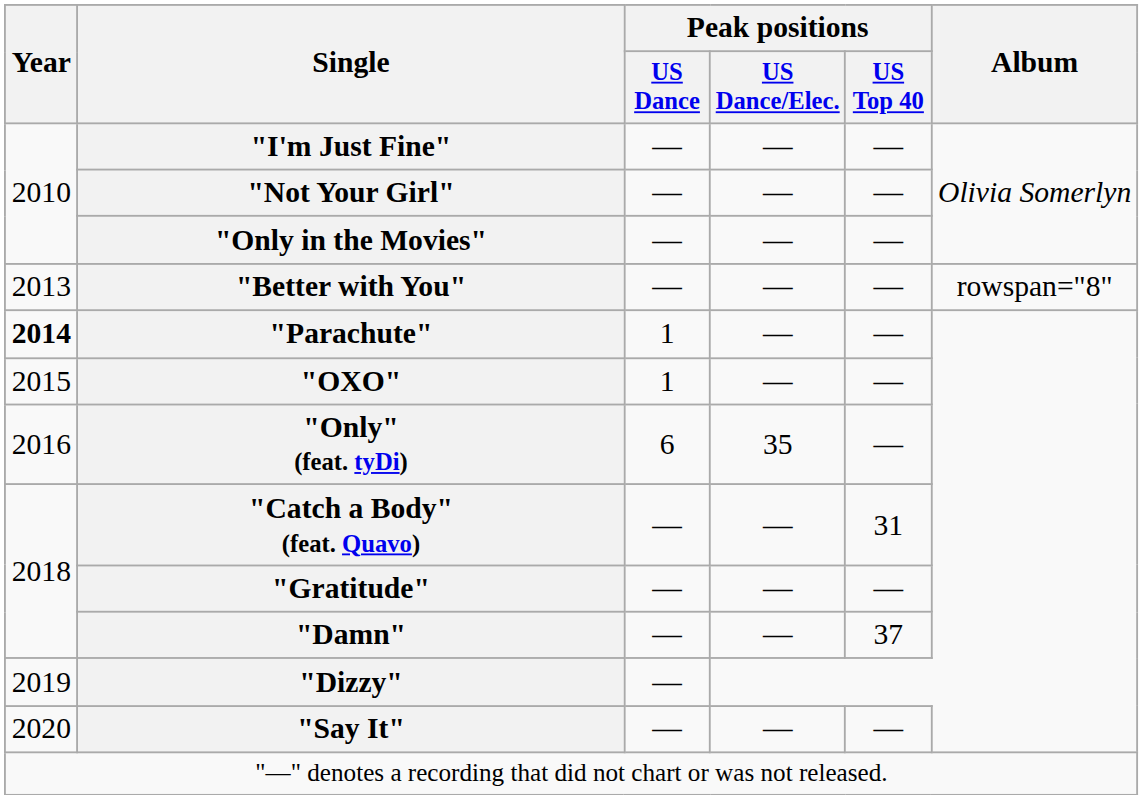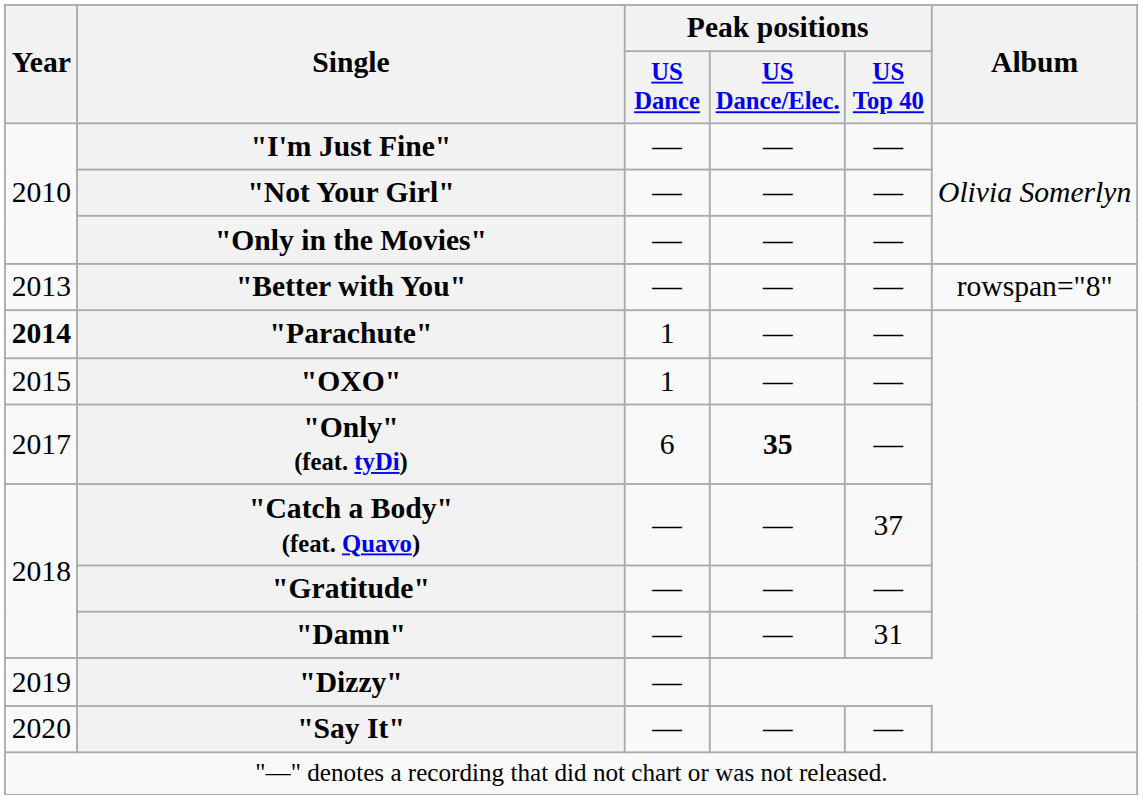 <table class="wikitable plainrowheaders" style="text-align:center;">
 <tr>
 <th rowspan="2">Year</th>
 <th rowspan="2" style="width:18em;">Single</th>
 <th colspan="3">Peak positions</th>
 <th rowspan="2">Album</th>
 </tr>
 <tr style="font-size:smaller;">
 <th width="40"><a href='#'>US <br>Dance</a></th>
 <th width="40"><a href='#'>US <br>Dance/Elec.</a></th>
 <th width="40"><a href='#'>US <br>Top 40</a></th>
 </tr>
 <tr>
 <td rowspan="3">2010</td>
 <th scope="row">"I'm Just Fine"</th>
 <td>—</td>
 <td>—</td>
 <td>—</td>
 <td rowspan="3"><em>Olivia Somerlyn</em></td>
 </tr>
 <tr>
 <th scope="row">"Not Your Girl"</th>
 <td>—</td>
 <td>—</td>
 <td>—</td>
 </tr>
 <tr>
 <th scope="row">"Only in the Movies"</th>
 <td>—</td>
 <td>—</td>
 <td>—</td>
 </tr>
 <tr>
 <td rowspan="1">2013</td>
 <th scope="row">"Better with You"</th>
 <td>—</td>
 <td>—</td>
 <td>—</td>
 <td>rowspan="8" </td>
 </tr>
 <tr>
 <td rowspan="1"><strong>2014</strong></td>
 <th scope="row">"Parachute"</th>
 <td>1</td>
 <td>—</td>
 <td>—</td>
 </tr>
 <tr>
 <td rowspan="1">2015</td>
 <th scope="row">"OXO"</th>
 <td>1</td>
 <td>—</td>
 <td>—</td>
 </tr>
 <tr>
-<td rowspan="1">2016</td>
+<td rowspan="1">2017</td>
 <th scope="row">"Only" <br><small>(feat. <a href='#'>tyDi</a>)</small></th>
 <td>6</td>
-<td>35</td>
+<td><strong>35</strong></td>
 <td>—</td>
 </tr>
 <tr>
 <td rowspan="3">2018</td>
 <th scope="row">"Catch a Body" <br><small>(feat. <a href='#'>Quavo</a>)</small></th>
 <td>—</td>
 <td>—</td>
-<td>31</td>
+<td>37</td>
 </tr>
 <tr>
 <th scope="row">"Gratitude"</th>
 <td>—</td>
 <td>—</td>
 <td>—</td>
 </tr>
 <tr>
 <th scope="row">"Damn"</th>
 <td>—</td>
 <td>—</td>
-<td>37</td>
+<td>31</td>
 </tr>
 <tr>
 <td rowspan="1">2019</td>
 <th scope="row">"Dizzy"</th>
 <td>—</td>
 </tr>
 <tr>
 <td rowspan="1">2020</td>
 <th scope="row">"Say It"</th>
 <td>—</td>
 <td>—</td>
 <td>—</td>
 </tr>
 <tr>
 <td colspan="7" style="font-size:85%">"—" denotes a recording that did not chart or was not released.</td>
 </tr>
 </table>
